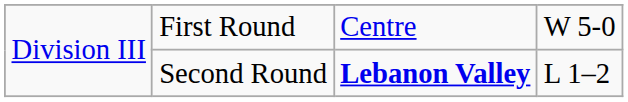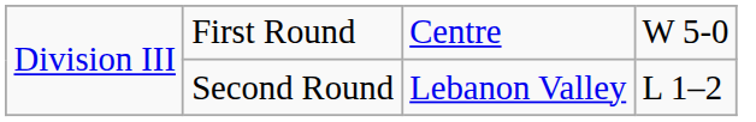 <table class="wikitable">
 <tr>
 <td rowspan="2"><a href='#'>Division III</a></td>
 <td>First Round</td>
 <td><a href='#'>Centre</a></td>
 <td>W 5-0</td>
 </tr>
 <tr>
 <td>Second Round</td>
-<td><strong><a href='#'>Lebanon Valley</a></strong></td>
+<td><a href='#'>Lebanon Valley</a></td>
 <td>L 1–2</td>
 </tr>
 </table>
